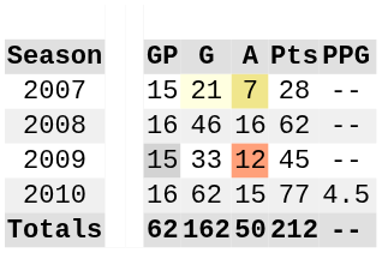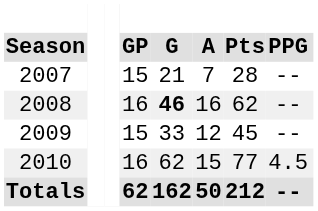 <table BORDER="0" CELLPADDING="1" CELLSPACING="0">
 <tr ALIGN="center" bgcolor="#e0e0e0">
 <th colspan="1" bgcolor="#ffffff"> </th>
 <th rowspan="99" bgcolor="#ffffff"> </th>
 <th rowspan="99" bgcolor="#ffffff"> </th>
 </tr>
 <tr ALIGN="center" bgcolor="#e0e0e0">
 <th>Season</th>
 <th>GP</th>
 <th>G</th>
 <th>A</th>
 <th>Pts</th>
 <th>PPG</th>
 <th></th>
 </tr>
 <tr ALIGN="center">
 <td>2007</td>
 <td>15</td>
-<td style="background: lightyellow;">21</td>
-<td style="background: khaki;">7</td>
+<td>21</td>
+<td>7</td>
 <td>28</td>
 <td>--</td>
 <td></td>
 </tr>
 <tr ALIGN="center" bgcolor="#f0f0f0">
 <td>2008</td>
 <td>16</td>
-<td>46</td>
+<td><strong>46</strong></td>
 <td>16</td>
 <td>62</td>
 <td>--</td>
 <td></td>
 </tr>
 <tr ALIGN="center">
 <td>2009</td>
-<td style="background: lightgrey;">15</td>
+<td>15</td>
 <td>33</td>
-<td style="background: lightsalmon;">12</td>
+<td>12</td>
 <td>45</td>
 <td>--</td>
 <td></td>
 </tr>
 <tr ALIGN="center" bgcolor="#f0f0f0">
 <td>2010</td>
 <td>16</td>
 <td>62</td>
 <td>15</td>
 <td>77</td>
 <td>4.5</td>
 <td></td>
 </tr>
 <tr ALIGN="center" bgcolor="#e0e0e0">
 <th colspan="1.5">Totals</th>
 <th>62</th>
 <th>162</th>
 <th>50</th>
 <th>212</th>
 <th>--</th>
 <th></th>
 </tr>
 </table>
